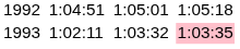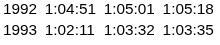 <table>
 <tr>
 <td>1992</td>
 <td></td>
 <td>1:04:51</td>
 <td></td>
 <td>1:05:01</td>
 <td></td>
 <td>1:05:18</td>
 </tr>
 <tr>
 <td>1993</td>
 <td></td>
 <td>1:02:11</td>
 <td></td>
 <td>1:03:32</td>
 <td></td>
-<td style="background: pink;">1:03:35</td>
+<td>1:03:35</td>
 </tr>
 </table>
